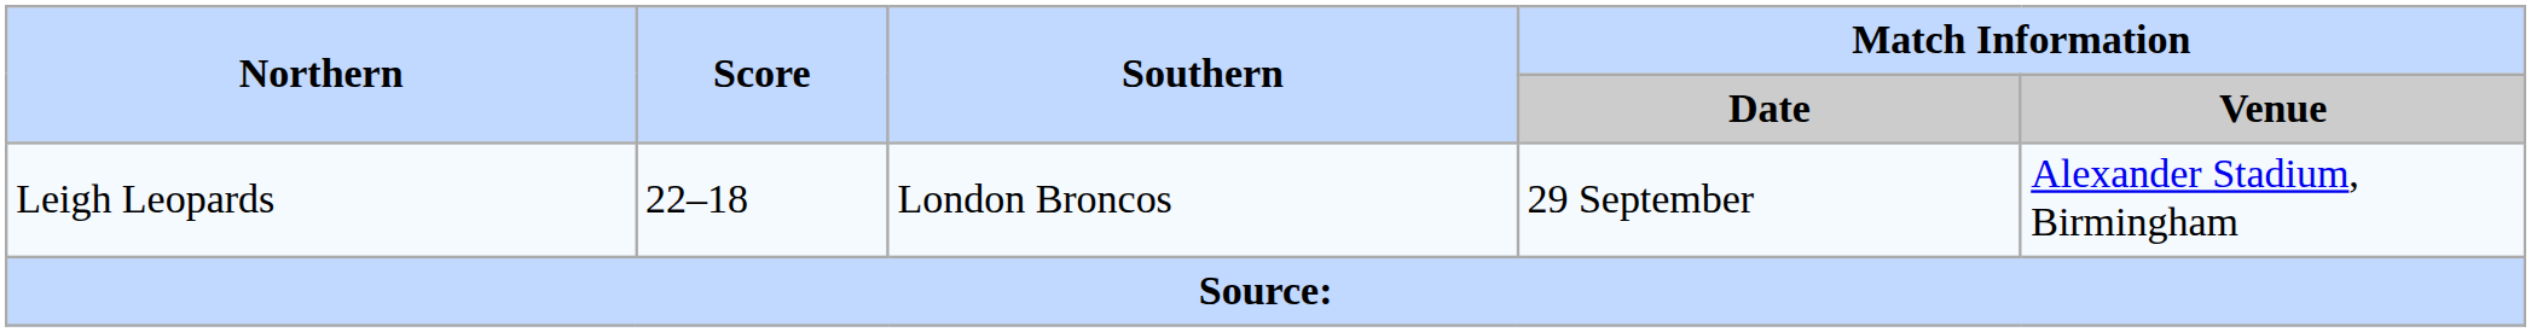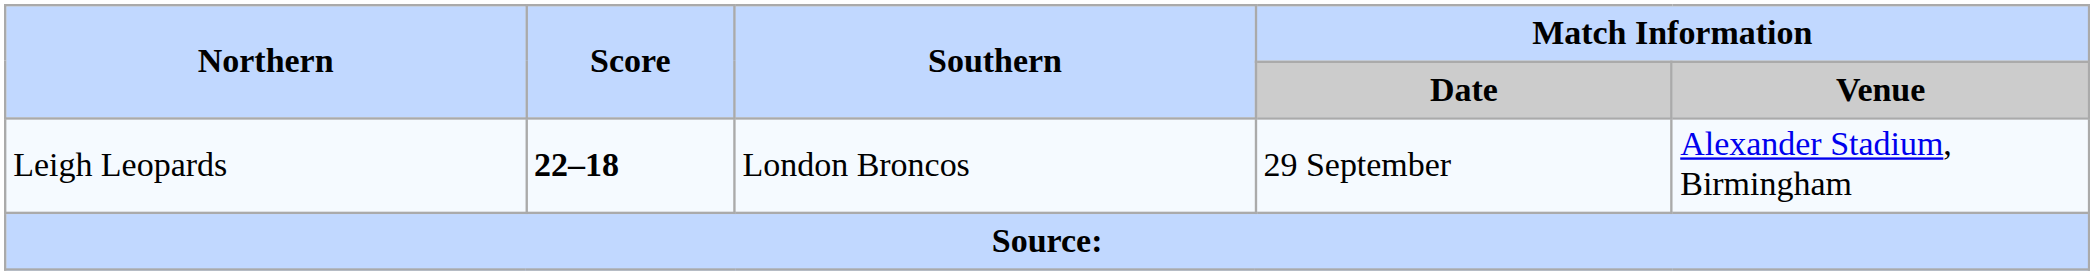 <table class="wikitable defaultcenter col1right col3left" style="font-size:90%; background-color:#F5FAFF" width=100%>
 <tr>
 <th scope="col" rowspan=2 style="background-color:#C1D8FF" width=25%>Northern</th>
 <th scope="col" rowspan=2 style="background-color:#C1D8FF" width=10%>Score</th>
 <th scope="col" rowspan=2 style="background-color:#C1D8FF" width=25%>Southern</th>
 <th colspan=2 style="background-color:#C1D8FF">Match Information</th>
 </tr>
 <tr>
 <th scope="col" style="background-color:#CCCCCC" width=20%>Date</th>
 <th scope="col" style="background-color:#CCCCCC" width=20%>Venue</th>
 </tr>
 <tr>
 <td>Leigh Leopards </td>
-<td>22–18</td>
+<td><strong>22–18</strong></td>
 <td> London Broncos</td>
 <td>29 September</td>
 <td><a href='#'>Alexander Stadium</a>, Birmingham</td>
 </tr>
 <tr>
 <th colspan=5 style="background-color:#c1d8ff;">Source:</th>
 </tr>
 </table>
